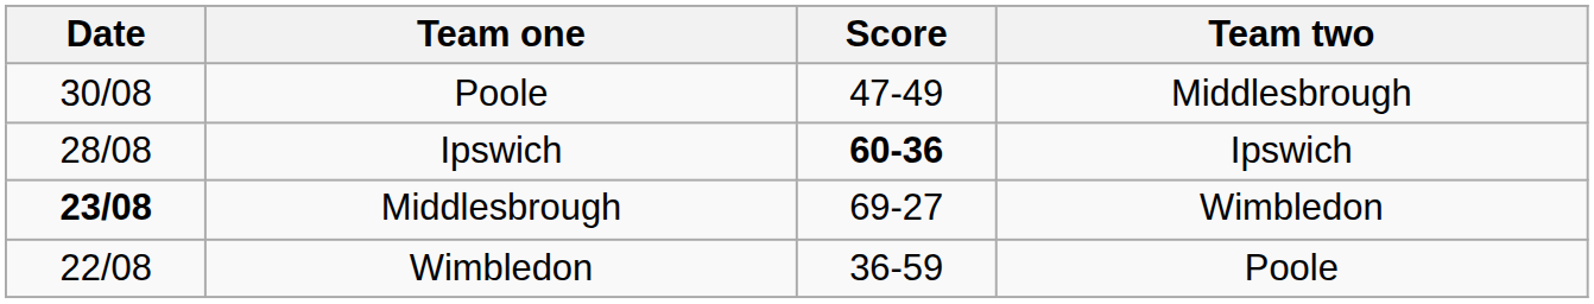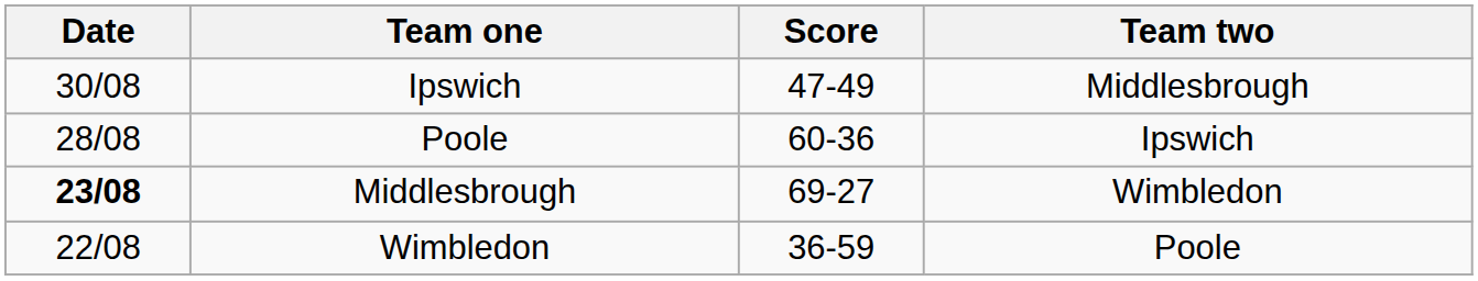 <table class="wikitable" style="text-align: center">
 <tr>
 <th width=80>Date</th>
 <th width=250>Team one</th>
 <th width=80>Score</th>
 <th width=250>Team two</th>
 </tr>
 <tr>
 <td>30/08</td>
-<td>Poole</td>
+<td>Ipswich</td>
 <td>47-49</td>
 <td>Middlesbrough</td>
 </tr>
 <tr>
 <td>28/08</td>
-<td>Ipswich</td>
-<td><strong>60-36</strong></td>
+<td>Poole</td>
+<td>60-36</td>
 <td>Ipswich</td>
 </tr>
 <tr>
 <td><strong>23/08</strong></td>
 <td>Middlesbrough</td>
 <td>69-27</td>
 <td>Wimbledon</td>
 </tr>
 <tr>
 <td>22/08</td>
 <td>Wimbledon</td>
 <td>36-59</td>
 <td>Poole</td>
 </tr>
 </table>
